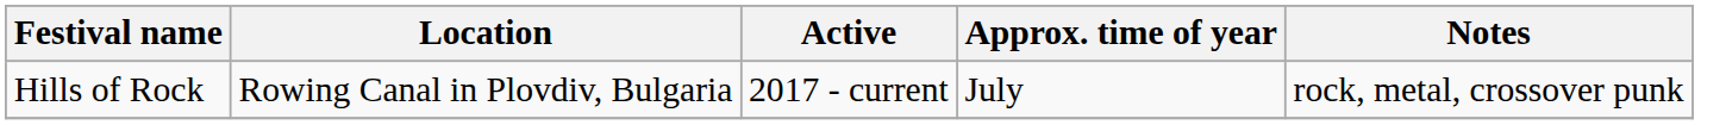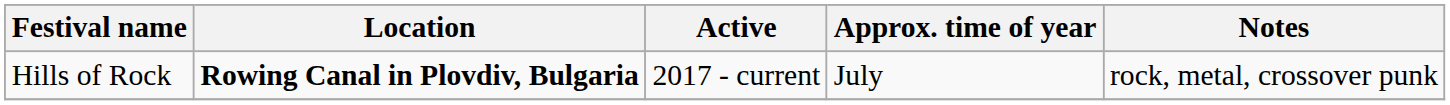 <table class="wikitable sortable">
 <tr>
 <th>Festival name</th>
 <th class="unsortable">Location</th>
 <th>Active</th>
 <th class="wikitable sortable">Approx. time of year</th>
 <th class="unsortable">Notes</th>
 </tr>
 <tr>
 <td>Hills of Rock</td>
-<td>Rowing Canal in Plovdiv, Bulgaria</td>
+<td><strong>Rowing Canal in Plovdiv, Bulgaria</strong></td>
 <td>2017 - current</td>
 <td>July</td>
 <td>rock, metal, crossover punk</td>
 </tr>
 <tr>
 </tr>
 </table>
